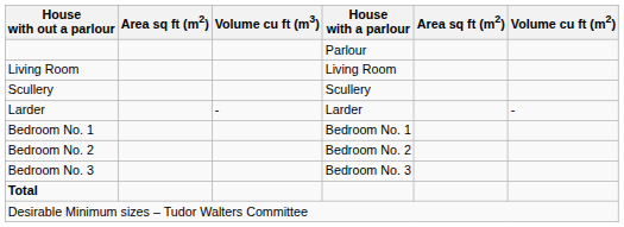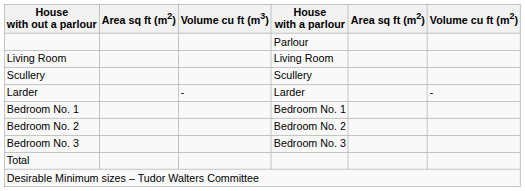 <table class="wikitable collapsible autocollapse">
 <tr>
 <th>House<br>with out a parlour</th>
 <th>Area sq ft (m<sup>2</sup>)</th>
 <th>Volume cu ft (m<sup>3</sup>)</th>
 <th>House<br>with a parlour</th>
 <th>Area sq ft (m<sup>2</sup>)</th>
 <th>Volume cu ft (m<sup>2</sup>)</th>
 </tr>
 <tr>
 <td></td>
 <td></td>
 <td></td>
 <td>Parlour</td>
 <td></td>
 <td></td>
 </tr>
 <tr>
 <td>Living Room</td>
 <td></td>
 <td></td>
 <td>Living Room</td>
 <td></td>
 <td></td>
 </tr>
 <tr>
 <td>Scullery</td>
 <td></td>
 <td></td>
 <td>Scullery</td>
 <td></td>
 <td></td>
 </tr>
 <tr>
 <td>Larder</td>
 <td></td>
 <td>-</td>
 <td>Larder</td>
 <td></td>
 <td>-</td>
 </tr>
 <tr>
 <td>Bedroom No. 1</td>
 <td></td>
 <td></td>
 <td>Bedroom No. 1</td>
 <td></td>
 <td></td>
 </tr>
 <tr>
 <td>Bedroom No. 2</td>
 <td></td>
 <td></td>
 <td>Bedroom No. 2</td>
 <td></td>
 <td></td>
 </tr>
 <tr>
 <td>Bedroom No. 3</td>
 <td></td>
 <td></td>
 <td>Bedroom No. 3</td>
 <td></td>
 <td></td>
 </tr>
 <tr>
-<td><strong>Total</strong></td>
+<td>Total</td>
 <td></td>
 <td></td>
 <td></td>
 <td></td>
 <td></td>
 </tr>
 <tr>
 <td colspan="6">Desirable Minimum sizes – Tudor Walters Committee</td>
 </tr>
 </table>
